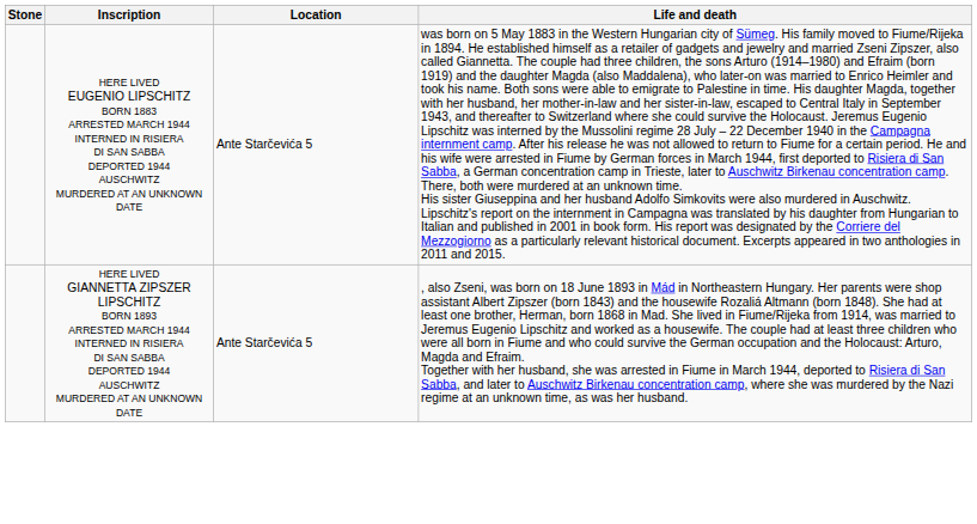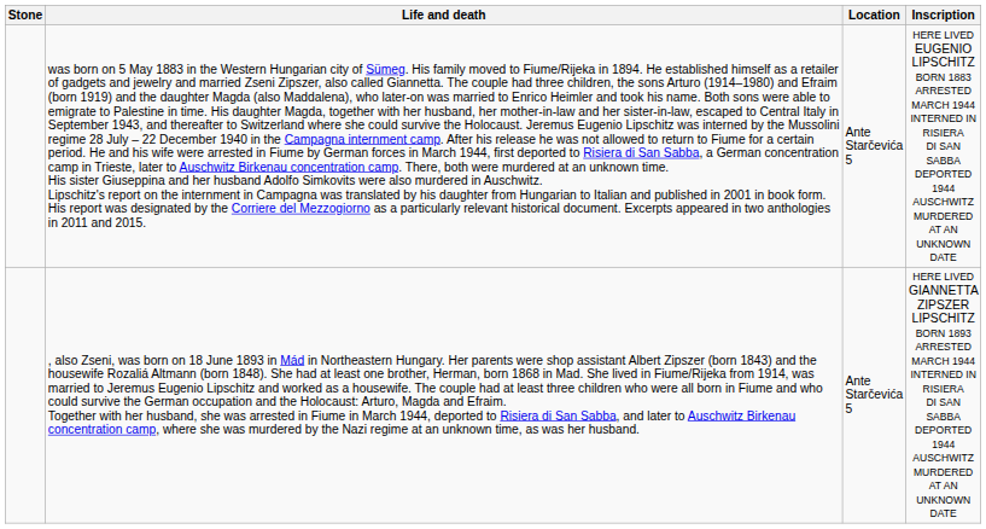 <table class="wikitable sortable toptextcells" style="width:100%">
 <tr>
 <th class="hintergrundfarbe6 unsortable" width="120px">Stone</th>
+<th class="hintergrundfarbe6 unsortable" style="width:100%;">Life and death</th>
+<th class="hintergrundfarbe6" data-sort-type="text" style ="width:22%;">Location</th>
 <th class="hintergrundfarbe6" style ="width:18%;">Inscription</th>
-<th class="hintergrundfarbe6" data-sort-type="text" style ="width:22%;">Location</th>
-<th class="hintergrundfarbe6 unsortable" style="width:100%;">Life and death</th>
 </tr>
 <tr>
 <td></td>
+<td><strong></strong> was born on 5 May 1883 in the Western Hungarian city of <a href='#'>Sümeg</a>. His family moved to Fiume/Rijeka in 1894. He established himself as a retailer of gadgets and jewelry and married Zseni Zipszer, also called Giannetta. The couple had three children, the sons Arturo (1914–1980) and Efraim (born 1919) and the daughter Magda (also Maddalena), who later-on was married to Enrico Heimler and took his name. Both sons were able to emigrate to Palestine in time. His daughter Magda, together with her husband, her mother-in-law and her sister-in-law, escaped to Central Italy in September 1943, and thereafter to Switzerland where she could survive the Holocaust. Jeremus Eugenio Lipschitz was interned by the Mussolini regime 28 July – 22 December 1940 in the <a href='#'>Campagna internment camp</a>. After his release he was not allowed to return to Fiume for a certain period. He and his wife were arrested in Fiume by German forces in March 1944, first deported to <a href='#'>Risiera di San Sabba</a>, a German concentration camp in Trieste, later to <a href='#'>Auschwitz Birkenau concentration camp</a>. There, both were murdered at an unknown time.<br>His sister Giuseppina and her husband Adolfo Simkovits were also murdered in Auschwitz.<br>Lipschitz's report on the internment in Campagna was translated by his daughter from Hungarian to Italian and published in 2001 in book form. His report was designated by the <a href='#'>Corriere del Mezzogiorno</a> as a particularly relevant historical document. Excerpts appeared in two anthologies in 2011 and 2015.</td>
+<td>Ante Starčevića 5<br></td>
 <td style="text-align:center"><div><small>HERE LIVED</small><br>EUGENIO LIPSCHITZ<br><small>BORN 1883<br>ARRESTED MARCH 1944<br>INTERNED IN RISIERA<br>DI SAN SABBA<br>DEPORTED 1944<br>AUSCHWITZ<br>MURDERED AT AN UNKNOWN DATE</small></div></td>
-<td>Ante Starčevića 5<br></td>
-<td><strong></strong> was born on 5 May 1883 in the Western Hungarian city of <a href='#'>Sümeg</a>. His family moved to Fiume/Rijeka in 1894. He established himself as a retailer of gadgets and jewelry and married Zseni Zipszer, also called Giannetta. The couple had three children, the sons Arturo (1914–1980) and Efraim (born 1919) and the daughter Magda (also Maddalena), who later-on was married to Enrico Heimler and took his name. Both sons were able to emigrate to Palestine in time. His daughter Magda, together with her husband, her mother-in-law and her sister-in-law, escaped to Central Italy in September 1943, and thereafter to Switzerland where she could survive the Holocaust. Jeremus Eugenio Lipschitz was interned by the Mussolini regime 28 July – 22 December 1940 in the <a href='#'>Campagna internment camp</a>. After his release he was not allowed to return to Fiume for a certain period. He and his wife were arrested in Fiume by German forces in March 1944, first deported to <a href='#'>Risiera di San Sabba</a>, a German concentration camp in Trieste, later to <a href='#'>Auschwitz Birkenau concentration camp</a>. There, both were murdered at an unknown time.<br>His sister Giuseppina and her husband Adolfo Simkovits were also murdered in Auschwitz.<br>Lipschitz's report on the internment in Campagna was translated by his daughter from Hungarian to Italian and published in 2001 in book form. His report was designated by the <a href='#'>Corriere del Mezzogiorno</a> as a particularly relevant historical document. Excerpts appeared in two anthologies in 2011 and 2015.</td>
 </tr>
 <tr>
 <td></td>
+<td><strong></strong>, also Zseni, was born on 18 June 1893 in <a href='#'>Mád</a> in Northeastern Hungary. Her parents were shop assistant Albert Zipszer (born 1843) and the housewife Rozaliá Altmann (born 1848). She had at least one brother, Herman, born 1868 in Mad.  She lived in Fiume/Rijeka from 1914, was married to Jeremus Eugenio Lipschitz and worked as a housewife. The couple had at least three children who were all born in Fiume and who could survive the German occupation and the Holocaust: Arturo, Magda and Efraim.<br>Together with her husband, she was arrested in Fiume in March 1944, deported to <a href='#'>Risiera di San Sabba</a>, and later to <a href='#'>Auschwitz Birkenau concentration camp</a>, where she was murdered by the Nazi regime at an unknown time, as was her husband.</td>
+<td>Ante Starčevića 5<br></td>
 <td style="text-align:center"><div><small>HERE LIVED</small><br>GIANNETTA ZIPSZER<br>LIPSCHITZ<br><small>BORN 1893<br>ARRESTED MARCH 1944<br>INTERNED IN RISIERA<br>DI SAN SABBA<br>DEPORTED 1944<br>AUSCHWITZ<br>MURDERED AT AN UNKNOWN DATE</small></div></td>
-<td>Ante Starčevića 5<br></td>
-<td><strong></strong>, also Zseni, was born on 18 June 1893 in <a href='#'>Mád</a> in Northeastern Hungary. Her parents were shop assistant Albert Zipszer (born 1843) and the housewife Rozaliá Altmann (born 1848). She had at least one brother, Herman, born 1868 in Mad.  She lived in Fiume/Rijeka from 1914, was married to Jeremus Eugenio Lipschitz and worked as a housewife. The couple had at least three children who were all born in Fiume and who could survive the German occupation and the Holocaust: Arturo, Magda and Efraim.<br>Together with her husband, she was arrested in Fiume in March 1944, deported to <a href='#'>Risiera di San Sabba</a>, and later to <a href='#'>Auschwitz Birkenau concentration camp</a>, where she was murdered by the Nazi regime at an unknown time, as was her husband.</td>
 </tr>
 </table>
